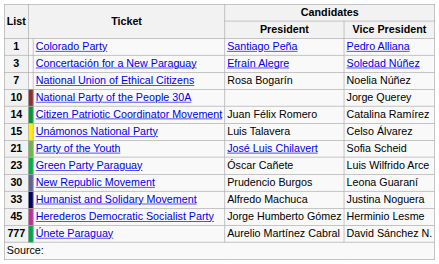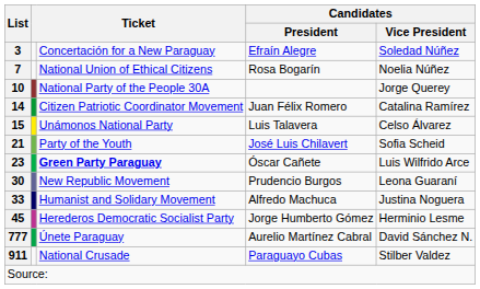 <table class=wikitable>
 <tr>
 <th scope="col" rowspan="2">List</th>
 <th scope="col" colspan="2" rowspan="2">Ticket</th>
 <th scope="col" colspan="2">Candidates</th>
 </tr>
 <tr>
 <th scope="col">President</th>
 <th scope="col">Vice President</th>
-</tr>
-<tr>
-<th style="text-align:center">1</th>
-<td></td>
-<td><a href='#'>Colorado Party</a></td>
-<td scope="row"><a href='#'>Santiago Peña</a></td>
-<td><a href='#'>Pedro Alliana</a></td>
 </tr>
 <tr>
 <th>3</th>
 <td></td>
 <td><a href='#'>Concertación for a New Paraguay</a></td>
 <td scope="row"><a href='#'>Efraín Alegre</a></td>
 <td><a href='#'>Soledad Núñez</a></td>
 </tr>
 <tr>
 <th>7</th>
 <td></td>
 <td><a href='#'>National Union of Ethical Citizens</a></td>
 <td scope="row">Rosa Bogarín</td>
 <td>Noelia Núñez</td>
 </tr>
 <tr>
 <th>10</th>
 <td bgcolor="#8E3031"></td>
 <td><a href='#'>National Party of the People 30A</a></td>
 <td scope="row"></td>
 <td>Jorge Querey</td>
 </tr>
 <tr>
 <th>14</th>
 <td bgcolor="#049933"></td>
 <td><a href='#'>Citizen Patriotic Coordinator Movement</a></td>
 <td scope="row">Juan Félix Romero</td>
 <td>Catalina Ramírez</td>
 </tr>
 <tr>
 <th>15</th>
 <td bgcolor="#FFED03"></td>
 <td><a href='#'>Unámonos National Party</a></td>
 <td scope="row">Luis Talavera</td>
 <td>Celso Álvarez</td>
 </tr>
 <tr>
 <th>21</th>
 <td bgcolor="#71B64B"></td>
 <td><a href='#'>Party of the Youth</a></td>
 <td scope="row"><a href='#'>José Luis Chilavert</a></td>
 <td>Sofia Scheid</td>
 </tr>
 <tr>
 <th>23</th>
 <td bgcolor="#00B048"></td>
-<td><a href='#'>Green Party Paraguay</a></td>
+<td><strong><a href='#'>Green Party Paraguay</a></strong></td>
 <td scope="row">Óscar Cañete</td>
 <td>Luis Wilfrido Arce</td>
 </tr>
 <tr>
 <th>30</th>
 <td bgcolor="#606396"></td>
 <td><a href='#'>New Republic Movement</a></td>
 <td scope="row">Prudencio Burgos</td>
 <td>Leona Guaraní</td>
 </tr>
 <tr>
 <th>33</th>
 <td bgcolor="#010066"></td>
 <td><a href='#'>Humanist and Solidary Movement</a></td>
 <td scope="row">Alfredo Machuca</td>
 <td>Justina Noguera</td>
 </tr>
 <tr>
 <th>45</th>
 <td bgcolor="#BD3191"></td>
 <td><a href='#'>Herederos Democratic Socialist Party</a></td>
 <td scope="row">Jorge Humberto Gómez</td>
 <td>Herminio Lesme</td>
 </tr>
 <tr>
 <th>777</th>
 <td bgcolor="#01A648"></td>
 <td><a href='#'>Únete Paraguay</a></td>
 <td scope="row">Aurelio Martínez Cabral</td>
 <td>David Sánchez N.</td>
 </tr>
 <tr>
+<th>911</th>
+<td></td>
+<td><a href='#'>National Crusade</a></td>
+<td scope="row"><a href='#'>Paraguayo Cubas</a></td>
+<td>Stilber Valdez</td>
+</tr>
+<tr>
 <td colspan="5">Source: </td>
 </tr>
 </table>
